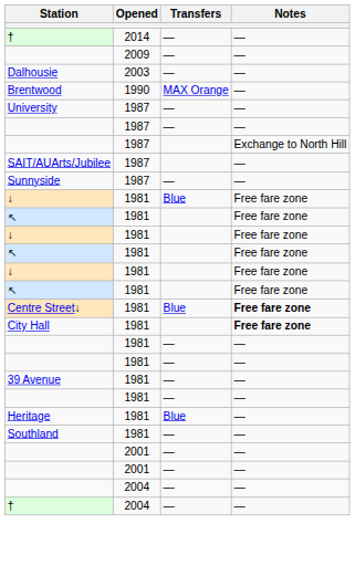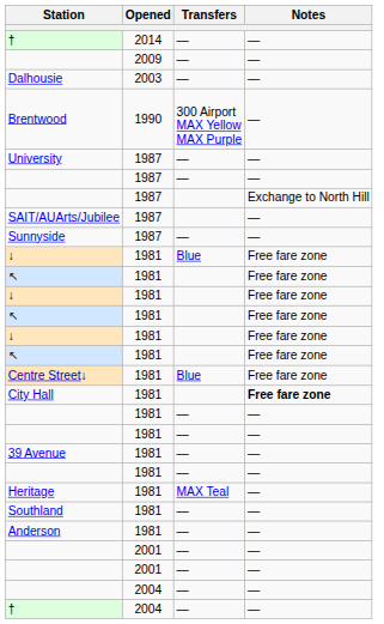 <table class="wikitable sortable">
 <tr>
 <th>Station</th>
 <th data-sort-type="usLongDate">Opened</th>
 <th class="unsortable">Transfers</th>
 <th class="unsortable">Notes</th>
 </tr>
 <tr>
 <th colspan=4 style="background:#"></th>
 </tr>
 <tr>
 <td style="background-color:#ddffdd">†</td>
 <td align=center>2014</td>
 <td>—</td>
 <td>—</td>
 </tr>
 <tr>
 <td></td>
 <td align=center>2009</td>
 <td>—</td>
 <td>—</td>
 </tr>
 <tr>
 <td><a href='#'>Dalhousie</a></td>
 <td align=center>2003</td>
 <td>—</td>
 <td>—</td>
 </tr>
 <tr>
 <td><a href='#'>Brentwood</a></td>
 <td align=center>1990</td>
-<td> <a href='#'>MAX Orange</a></td>
+<td><br>300 Airport<br> <a href='#'>MAX Yellow</a><br> <a href='#'>MAX Purple</a></td>
 <td>—</td>
 </tr>
 <tr>
 <td><a href='#'>University</a></td>
 <td align=center>1987</td>
 <td>—</td>
 <td>—</td>
 </tr>
 <tr>
 <td></td>
 <td align=center>1987</td>
 <td>—</td>
 <td>—</td>
 </tr>
 <tr>
 <td></td>
 <td align=center>1987</td>
 <td></td>
 <td>Exchange to North Hill</td>
 </tr>
 <tr>
 <td><a href='#'>SAIT/AUArts/Jubilee</a></td>
 <td align=center>1987</td>
 <td></td>
 <td>—</td>
 </tr>
 <tr>
 <td><a href='#'>Sunnyside</a></td>
 <td align=center>1987</td>
 <td>—</td>
 <td>—</td>
 </tr>
 <tr>
 <td style="background-color:#FFE6BD">↓</td>
 <td align=center>1981</td>
 <td> <a href='#'>Blue</a></td>
 <td>Free fare zone</td>
 </tr>
 <tr>
 <td style="background-color:#D0E7FF">↖</td>
 <td align=center>1981</td>
 <td></td>
 <td>Free fare zone</td>
 </tr>
 <tr>
 <td style="background-color:#FFE6BD">↓</td>
 <td align=center>1981</td>
 <td></td>
 <td>Free fare zone</td>
 </tr>
 <tr>
 <td style="background-color:#D0E7FF">↖</td>
 <td align=center>1981</td>
 <td></td>
 <td>Free fare zone</td>
 </tr>
 <tr>
 <td style="background-color:#FFE6BD">↓</td>
 <td align=center>1981</td>
 <td></td>
 <td>Free fare zone</td>
 </tr>
 <tr>
 <td style="background-color:#D0E7FF">↖</td>
 <td align=center>1981</td>
 <td></td>
 <td>Free fare zone</td>
 </tr>
 <tr>
 <td style="background-color:#FFE6BD"><a href='#'>Centre Street</a>↓</td>
 <td align=center>1981</td>
 <td> <a href='#'>Blue</a></td>
-<td><strong>Free fare zone</strong></td>
+<td>Free fare zone</td>
 </tr>
 <tr>
 <td><a href='#'>City Hall</a></td>
 <td align=center>1981</td>
 <td></td>
 <td><strong>Free fare zone</strong></td>
 </tr>
 <tr>
 <td></td>
 <td align=center>1981</td>
 <td>—</td>
 <td>—</td>
 </tr>
 <tr>
 <td></td>
 <td align=center>1981</td>
 <td>—</td>
 <td>—</td>
 </tr>
 <tr>
 <td><a href='#'>39 Avenue</a></td>
 <td align=center>1981</td>
 <td>—</td>
 <td>—</td>
 </tr>
 <tr>
 <td></td>
 <td align=center>1981</td>
 <td>—</td>
 <td>—</td>
 </tr>
 <tr>
 <td><a href='#'>Heritage</a></td>
 <td align=center>1981</td>
-<td> <a href='#'>Blue</a></td>
+<td> <a href='#'>MAX Teal</a></td>
 <td>—</td>
 </tr>
 <tr>
 <td><a href='#'>Southland</a></td>
+<td align=center>1981</td>
+<td>—</td>
+<td>—</td>
+</tr>
+<tr>
+<td><a href='#'>Anderson</a></td>
 <td align=center>1981</td>
 <td>—</td>
 <td>—</td>
 </tr>
 <tr>
 <td></td>
 <td align=center>2001</td>
 <td>—</td>
 <td>—</td>
 </tr>
 <tr>
 <td></td>
 <td align=center>2001</td>
 <td>—</td>
 <td>—</td>
 </tr>
 <tr>
 <td></td>
 <td align=center>2004</td>
 <td>—</td>
 <td>—</td>
 </tr>
 <tr>
 <td style="background-color:#ddffdd">†</td>
 <td align=center>2004</td>
 <td>—</td>
 <td>—</td>
 </tr>
 </table>
